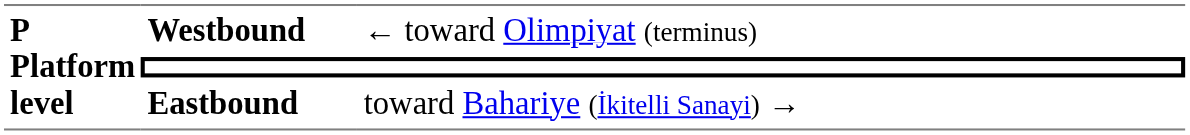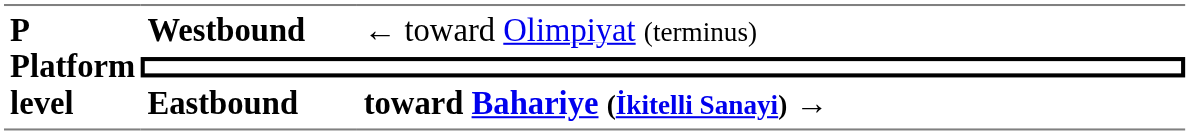 <table table border=0 cellspacing=0 cellpadding=3>
 <tr>
 <td style="border-top:solid 1px gray;border-bottom:solid 1px gray;" width=50 rowspan=3 valign=top><strong>P<br>Platform level</strong></td>
 <td style="border-top:solid 1px gray;" width=100><strong>Westbound</strong></td>
 <td style="border-top:solid 1px gray;" width=400>←  toward <a href='#'>Olimpiyat</a> <small>(terminus)</small></td>
 </tr>
 <tr>
 <td style="border-top:solid 2px black;border-right:solid 2px black;border-left:solid 2px black;border-bottom:solid 2px black;text-align:center;" colspan=2></td>
 </tr>
 <tr>
 <td style="border-bottom:solid 1px gray;"><strong>Eastbound</strong></td>
-<td style="border-bottom:solid 1px gray;"> toward <a href='#'>Bahariye</a> <small>(<a href='#'>İkitelli Sanayi</a>)</small> →</td>
+<td style="border-bottom:solid 1px gray;"><strong> toward <a href='#'>Bahariye</a> <small>(<a href='#'>İkitelli Sanayi</a>)</small> →</strong></td>
 </tr>
 </table>
